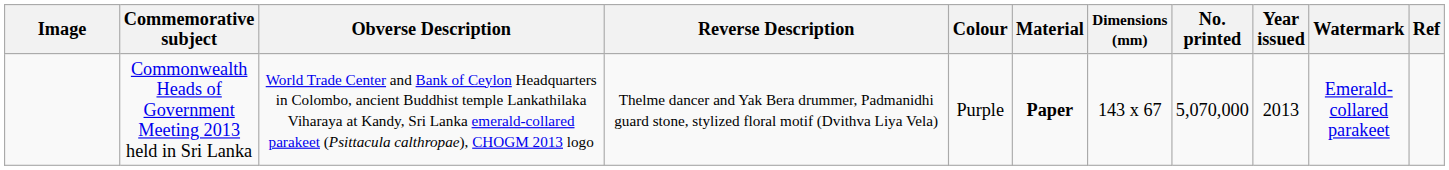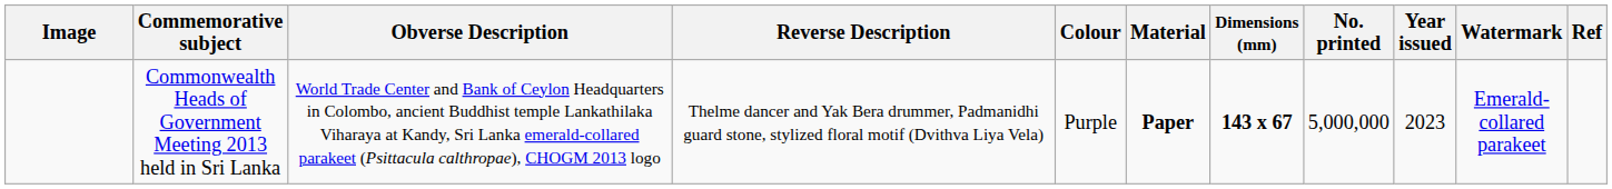 <table width=100% class="wikitable sortable">
 <tr>
 <th width=10%>Image</th>
 <th width=5%>Commemorative subject</th>
 <th width=32.5%>Obverse Description</th>
 <th width=32.5%>Reverse Description</th>
 <th width=2%>Colour</th>
 <th width=2%>Material</th>
 <th width=2%><small>Dimensions (mm)</small></th>
 <th width=2%>No. printed</th>
 <th width=2%>Year issued</th>
 <th width=2%>Watermark</th>
 <th width=2%>Ref</th>
 </tr>
 <tr>
 <td align="center"></td>
 <td align="center"><a href='#'>Commonwealth Heads of Government Meeting 2013</a> held in Sri Lanka</td>
 <td align="center"><small><a href='#'>World Trade Center</a> and <a href='#'>Bank of Ceylon</a> Headquarters in Colombo, ancient Buddhist temple Lankathilaka Viharaya at Kandy, Sri Lanka <a href='#'>emerald-collared parakeet</a> (<em>Psittacula calthropae</em>), <a href='#'>CHOGM 2013</a> logo</small></td>
 <td align="center"><small>Thelme dancer and Yak Bera drummer, Padmanidhi guard stone, stylized floral motif (Dvithva Liya Vela)</small></td>
 <td align="center">Purple</td>
 <td align="center"><strong>Paper</strong></td>
-<td align="center">143 x 67</td>
-<td align="center">5,070,000</td>
-<td align="center">2013</td>
+<td align="center"><strong>143 x 67</strong></td>
+<td align="center">5,000,000</td>
+<td align="center">2023</td>
 <td align="center"><a href='#'>Emerald-collared parakeet</a></td>
 <td align="center"></td>
 </tr>
 </table>
